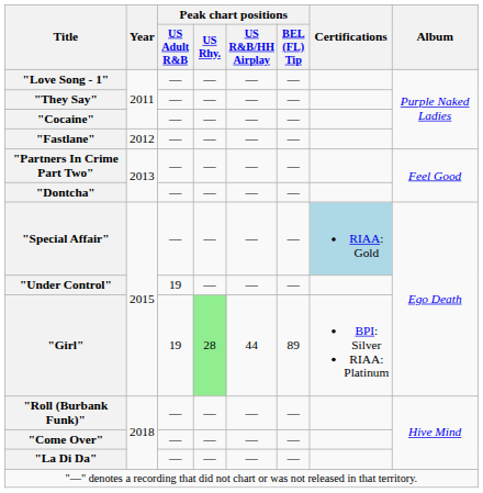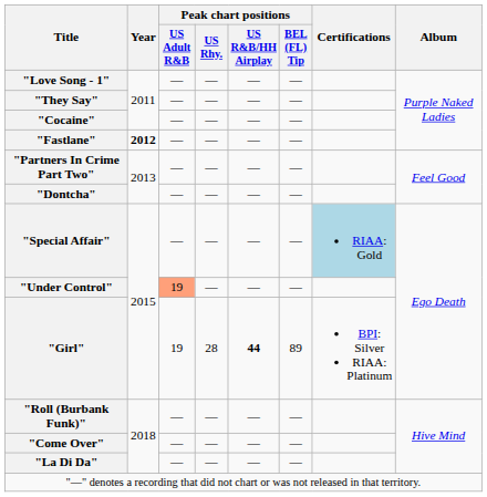 <table class="wikitable plainrowheaders" style="text-align:center;">
 <tr>
 <th scope="col" rowspan="2" style="width:14em;">Title</th>
 <th scope="col" rowspan="2" style="width:1em;">Year</th>
 <th scope="col" colspan="4">Peak chart positions</th>
 <th scope="col" rowspan="2">Certifications</th>
 <th scope="col" rowspan="2" style="width:10em;">Album</th>
 </tr>
 <tr>
 <th scope="col" style="width:3em;font-size:90%;"><a href='#'>US Adult R&B</a></th>
 <th scope="col" style="width:3em;font-size:90%;"><a href='#'>US Rhy.</a></th>
 <th scope="col" style="width:3em;font-size:90%;"><a href='#'>US R&B/HH Airplay</a></th>
 <th scope="col" style="width:3em;font-size:90%;"><a href='#'>BEL (FL) Tip</a></th>
 </tr>
 <tr>
 <th scope="row">"Love Song - 1"</th>
 <td rowspan="3">2011</td>
 <td>—</td>
 <td>—</td>
 <td>—</td>
 <td>—</td>
 <td></td>
 <td rowspan="4"><em><a href='#'>Purple Naked Ladies</a></em></td>
 </tr>
 <tr>
 <th scope="row">"They Say"</th>
 <td>—</td>
 <td>—</td>
 <td>—</td>
 <td>—</td>
 <td></td>
 </tr>
 <tr>
 <th scope="row">"Cocaine"</th>
 <td>—</td>
 <td>—</td>
 <td>—</td>
 <td>—</td>
 <td></td>
 </tr>
 <tr>
 <th scope="row">"Fastlane"</th>
-<td>2012</td>
+<td><strong>2012</strong></td>
 <td>—</td>
 <td>—</td>
 <td>—</td>
 <td>—</td>
 <td></td>
 </tr>
 <tr>
 <th scope="row">"Partners In Crime Part Two"</th>
 <td rowspan="2">2013</td>
 <td>—</td>
 <td>—</td>
 <td>—</td>
 <td>—</td>
 <td></td>
 <td rowspan="2"><em><a href='#'>Feel Good</a></em></td>
 </tr>
 <tr>
 <th scope="row">"Dontcha"</th>
 <td>—</td>
 <td>—</td>
 <td>—</td>
 <td>—</td>
 <td></td>
 </tr>
 <tr>
 <th scope="row">"Special Affair"</th>
 <td rowspan="3">2015</td>
 <td>—</td>
 <td>—</td>
 <td>—</td>
 <td>—</td>
 <td style="background: lightblue;"><br><ul><li><a href='#'>RIAA</a>: Gold</li></ul></td>
 <td rowspan="3"><em><a href='#'>Ego Death</a></em></td>
 </tr>
 <tr>
 <th scope="row">"Under Control"</th>
-<td>19</td>
+<td style="background: lightsalmon;">19</td>
 <td>—</td>
 <td>—</td>
 <td>—</td>
 <td></td>
 </tr>
 <tr>
 <th scope="row">"Girl"<br></th>
 <td>19</td>
-<td style="background: lightgreen;">28</td>
-<td>44</td>
+<td>28</td>
+<td><strong>44</strong></td>
 <td>89</td>
 <td><br><ul><li><a href='#'>BPI</a>: Silver</li><li>RIAA: Platinum</li></ul></td>
 </tr>
 <tr>
 <th scope="row">"Roll (Burbank Funk)"</th>
 <td rowspan="3">2018</td>
 <td>—</td>
 <td>—</td>
 <td>—</td>
 <td>—</td>
 <td></td>
 <td rowspan="3"><em><a href='#'>Hive Mind</a></em></td>
 </tr>
 <tr>
 <th scope="row">"Come Over"</th>
 <td>—</td>
 <td>—</td>
 <td>—</td>
 <td>—</td>
 <td></td>
 </tr>
 <tr>
 <th scope="row">"La Di Da"</th>
 <td>—</td>
 <td>—</td>
 <td>—</td>
 <td>—</td>
 <td></td>
 </tr>
 <tr>
 <td colspan="10" style="font-size:90%">"—" denotes a recording that did not chart or was not released in that territory.</td>
 </tr>
 </table>
